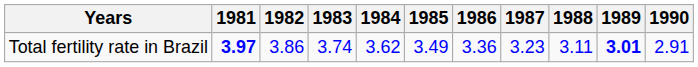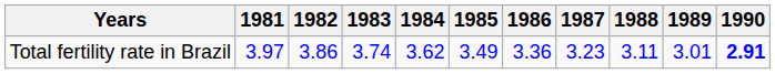 <table class="wikitable " style="text-align:right">
 <tr>
 <th>Years</th>
 <th>1981</th>
 <th>1982</th>
 <th>1983</th>
 <th>1984</th>
 <th>1985</th>
 <th>1986</th>
 <th>1987</th>
 <th>1988</th>
 <th>1989</th>
 <th>1990</th>
 </tr>
 <tr>
 <td align="left">Total fertility rate in Brazil</td>
-<td style="text-align:right; color:blue;"><strong>3.97</strong></td>
+<td style="text-align:right; color:blue;">3.97</td>
 <td style="text-align:right; color:blue;">3.86</td>
 <td style="text-align:right; color:blue;">3.74</td>
 <td style="text-align:right; color:blue;">3.62</td>
 <td style="text-align:right; color:blue;">3.49</td>
 <td style="text-align:right; color:blue;">3.36</td>
 <td style="text-align:right; color:blue;">3.23</td>
 <td style="text-align:right; color:blue;">3.11</td>
-<td style="text-align:right; color:blue;"><strong>3.01</strong></td>
-<td style="text-align:right; color:blue;">2.91</td>
+<td style="text-align:right; color:blue;">3.01</td>
+<td style="text-align:right; color:blue;"><strong>2.91</strong></td>
 </tr>
 </table>
